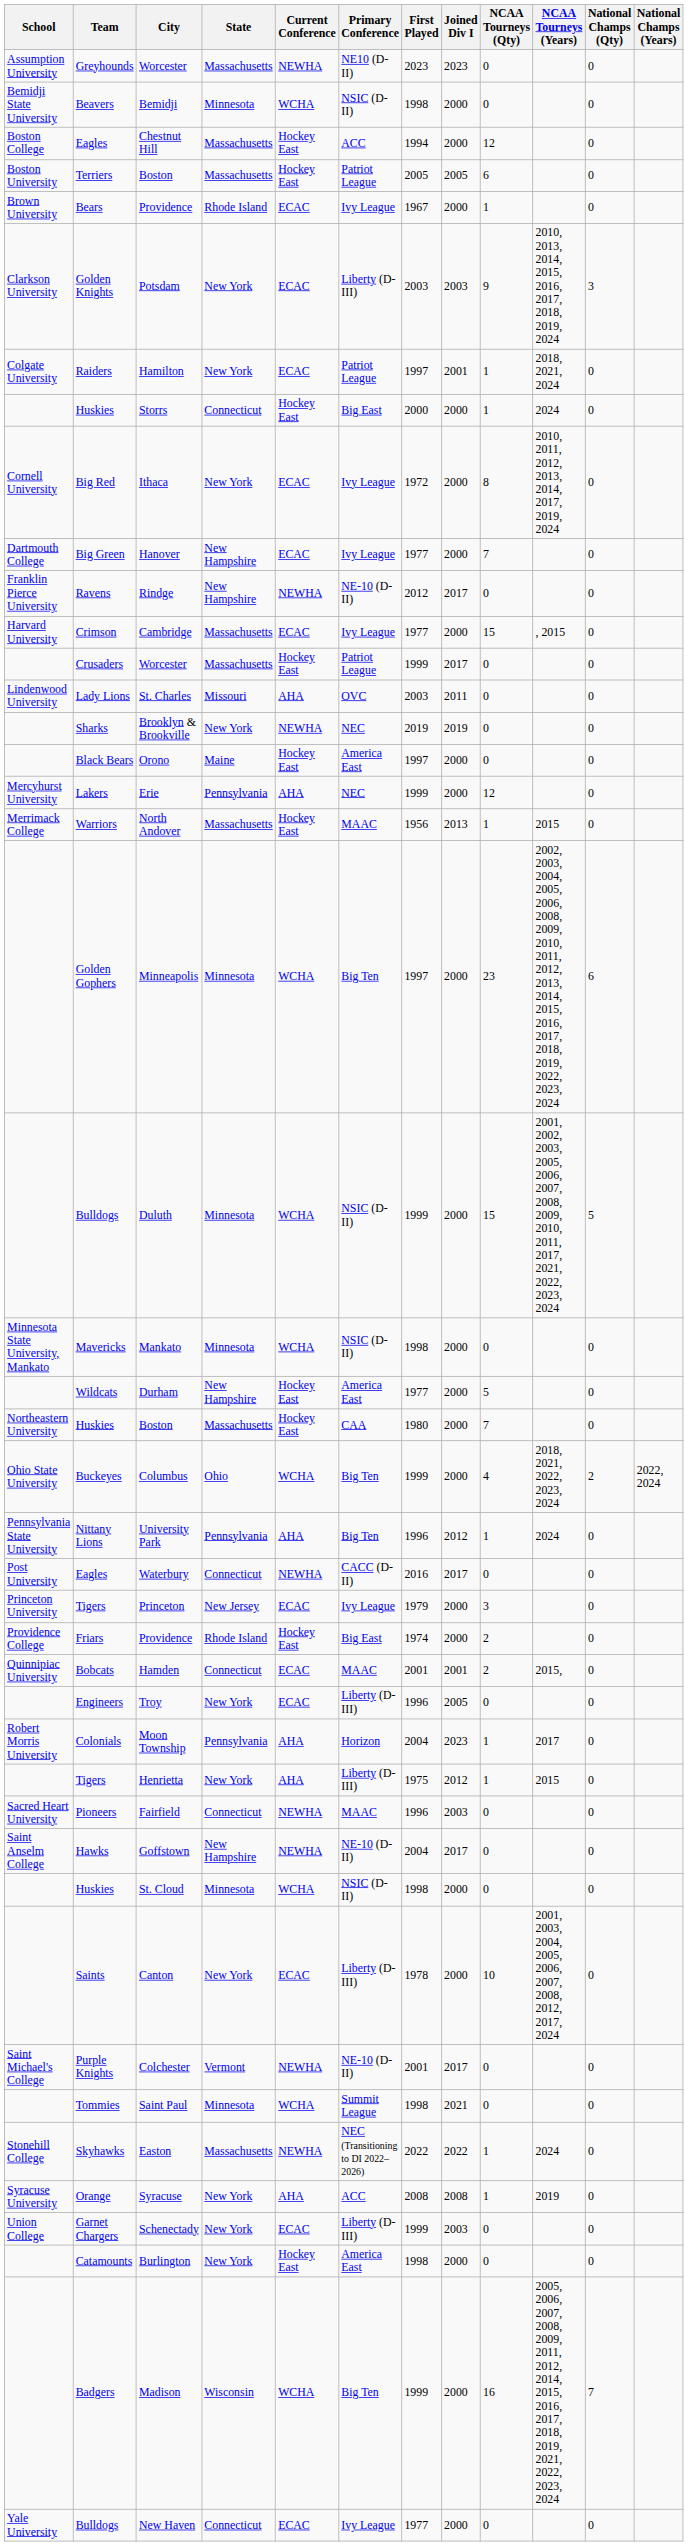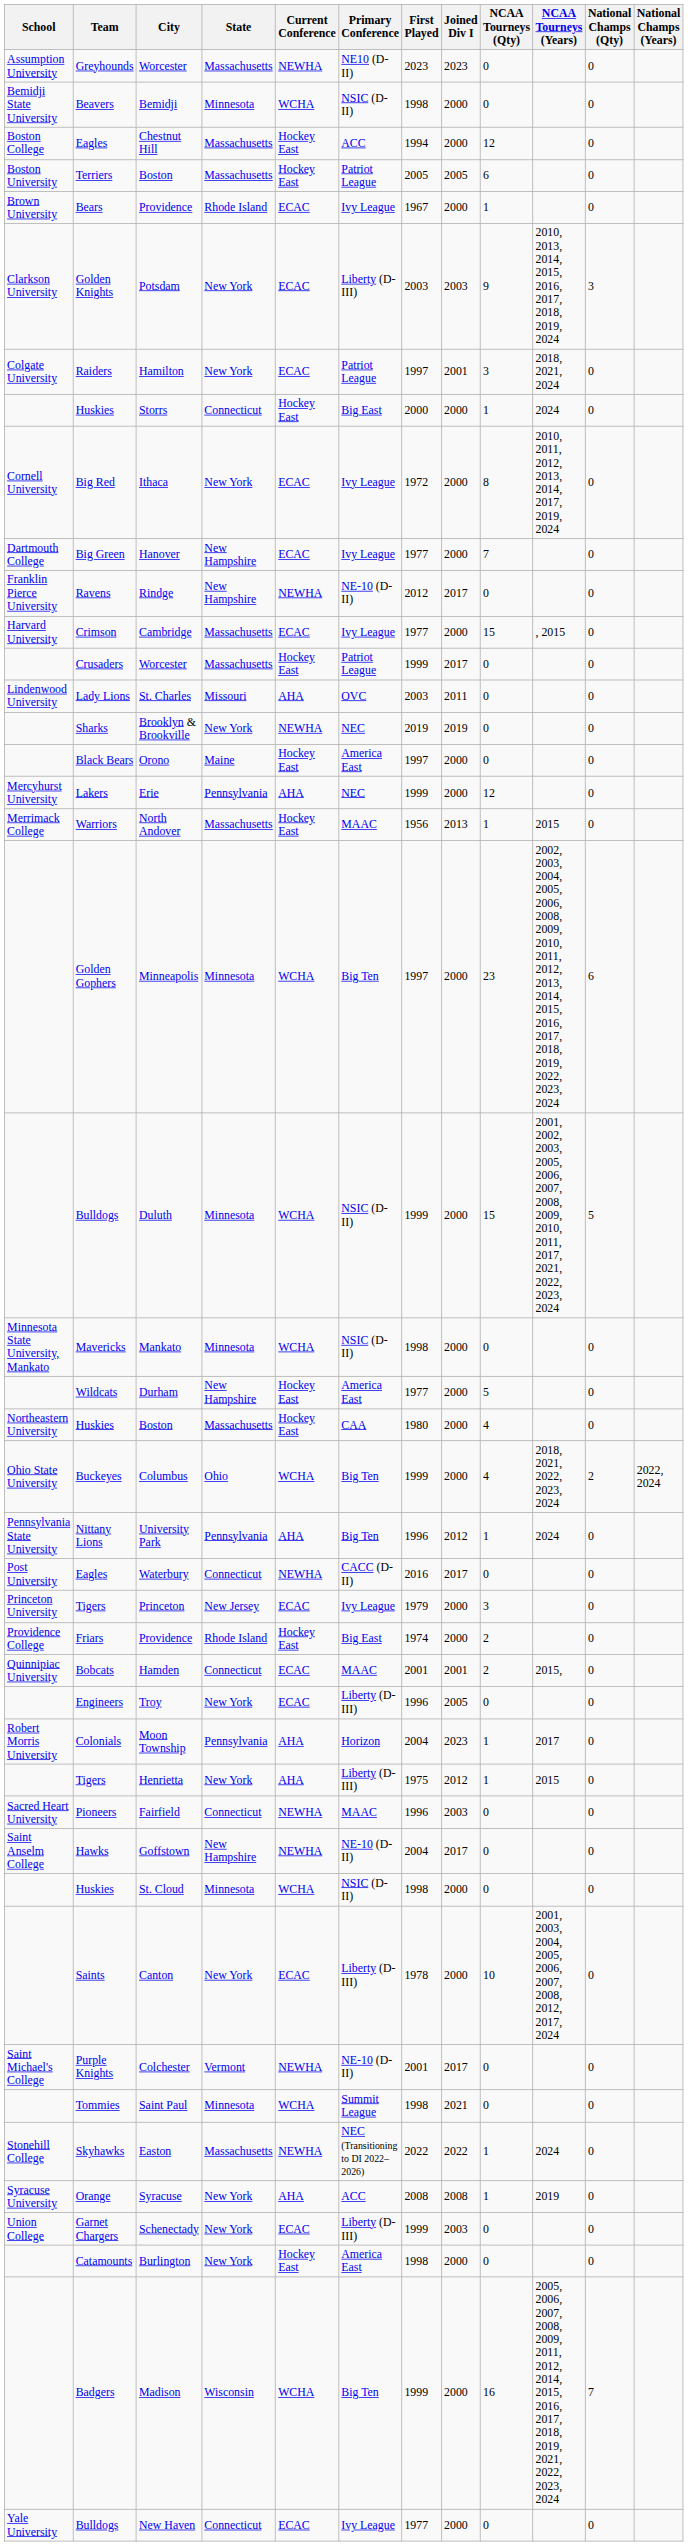 <table class="wikitable sortable" style="text-align:left;">
 <tr>
 <th>School</th>
 <th>Team</th>
 <th>City</th>
 <th>State</th>
 <th>Current<br>Conference</th>
 <th>Primary<br>Conference</th>
 <th>First<br>Played</th>
 <th>Joined<br> Div I</th>
 <th>NCAA<br>Tourneys (Qty)</th>
 <th><a href='#'>NCAA</a><br><a href='#'>Tourneys</a> (Years)</th>
 <th>National<br>Champs (Qty)</th>
 <th>National<br>Champs (Years)</th>
 </tr>
 <tr>
 <td><a href='#'>Assumption University</a></td>
 <td><a href='#'>Greyhounds</a></td>
 <td><a href='#'>Worcester</a></td>
 <td><a href='#'>Massachusetts</a></td>
 <td><a href='#'>NEWHA</a></td>
 <td><a href='#'>NE10</a> (D-II)</td>
 <td>2023</td>
 <td>2023</td>
 <td>0</td>
 <td></td>
 <td>0</td>
 <td></td>
 </tr>
 <tr>
 <td><a href='#'>Bemidji State University</a></td>
 <td><a href='#'>Beavers</a></td>
 <td><a href='#'>Bemidji</a></td>
 <td><a href='#'>Minnesota</a></td>
 <td><a href='#'>WCHA</a></td>
 <td><a href='#'>NSIC</a> (D-II)</td>
 <td>1998</td>
 <td>2000</td>
 <td>0</td>
 <td></td>
 <td>0</td>
 <td></td>
 </tr>
 <tr>
 <td><a href='#'>Boston College</a></td>
 <td><a href='#'>Eagles</a></td>
 <td><a href='#'>Chestnut Hill</a></td>
 <td><a href='#'>Massachusetts</a></td>
 <td><a href='#'>Hockey East</a></td>
 <td><a href='#'>ACC</a></td>
 <td>1994</td>
 <td>2000</td>
 <td>12</td>
 <td></td>
 <td>0</td>
 <td></td>
 </tr>
 <tr>
 <td><a href='#'>Boston University</a></td>
 <td><a href='#'>Terriers</a></td>
 <td><a href='#'>Boston</a></td>
 <td><a href='#'>Massachusetts</a></td>
 <td><a href='#'>Hockey East</a></td>
 <td><a href='#'>Patriot League</a></td>
 <td>2005</td>
 <td>2005</td>
 <td>6</td>
 <td></td>
 <td>0</td>
 <td></td>
 </tr>
 <tr>
 <td><a href='#'>Brown University</a></td>
 <td><a href='#'>Bears</a></td>
 <td><a href='#'>Providence</a></td>
 <td><a href='#'>Rhode Island</a></td>
 <td><a href='#'>ECAC</a></td>
 <td><a href='#'>Ivy League</a></td>
 <td>1967</td>
 <td>2000</td>
 <td>1</td>
 <td></td>
 <td>0</td>
 <td></td>
 </tr>
 <tr>
 <td><a href='#'>Clarkson University</a></td>
 <td><a href='#'>Golden Knights</a></td>
 <td><a href='#'>Potsdam</a></td>
 <td><a href='#'>New York</a></td>
 <td><a href='#'>ECAC</a></td>
 <td><a href='#'>Liberty</a> (D-III)</td>
 <td>2003</td>
 <td>2003</td>
 <td>9</td>
 <td>2010, 2013, 2014, 2015, 2016, 2017, 2018, 2019, 2024</td>
 <td>3</td>
 <td></td>
 </tr>
 <tr>
 <td><a href='#'>Colgate University</a></td>
 <td><a href='#'>Raiders</a></td>
 <td><a href='#'>Hamilton</a></td>
 <td><a href='#'>New York</a></td>
 <td><a href='#'>ECAC</a></td>
 <td><a href='#'>Patriot League</a></td>
 <td>1997</td>
 <td>2001</td>
-<td>1</td>
+<td>3</td>
 <td>2018, 2021, 2024</td>
 <td>0</td>
 <td></td>
 </tr>
 <tr>
 <td></td>
 <td><a href='#'>Huskies</a></td>
 <td><a href='#'>Storrs</a></td>
 <td><a href='#'>Connecticut</a></td>
 <td><a href='#'>Hockey East</a></td>
 <td><a href='#'>Big East</a></td>
 <td>2000</td>
 <td>2000</td>
 <td>1</td>
 <td>2024</td>
 <td>0</td>
 <td></td>
 </tr>
 <tr>
 <td><a href='#'>Cornell University</a></td>
 <td><a href='#'>Big Red</a></td>
 <td><a href='#'>Ithaca</a></td>
 <td><a href='#'>New York</a></td>
 <td><a href='#'>ECAC</a></td>
 <td><a href='#'>Ivy League</a></td>
 <td>1972</td>
 <td>2000</td>
 <td>8</td>
 <td>2010, 2011, 2012, 2013, 2014, 2017, 2019, 2024</td>
 <td>0</td>
 <td></td>
 </tr>
 <tr>
 <td><a href='#'>Dartmouth College</a></td>
 <td><a href='#'>Big Green</a></td>
 <td><a href='#'>Hanover</a></td>
 <td><a href='#'>New Hampshire</a></td>
 <td><a href='#'>ECAC</a></td>
 <td><a href='#'>Ivy League</a></td>
 <td>1977</td>
 <td>2000</td>
 <td>7</td>
 <td></td>
 <td>0</td>
 <td></td>
 </tr>
 <tr>
 <td><a href='#'>Franklin Pierce University</a></td>
 <td><a href='#'>Ravens</a></td>
 <td><a href='#'>Rindge</a></td>
 <td><a href='#'>New Hampshire</a></td>
 <td><a href='#'>NEWHA</a></td>
 <td><a href='#'>NE-10</a> (D-II)</td>
 <td>2012</td>
 <td>2017</td>
 <td>0</td>
 <td></td>
 <td>0</td>
 <td></td>
 </tr>
 <tr>
 <td><a href='#'>Harvard University</a></td>
 <td><a href='#'>Crimson</a></td>
 <td><a href='#'>Cambridge</a></td>
 <td><a href='#'>Massachusetts</a></td>
 <td><a href='#'>ECAC</a></td>
 <td><a href='#'>Ivy League</a></td>
 <td>1977</td>
 <td>2000</td>
 <td>15</td>
 <td>, 2015</td>
 <td>0</td>
 <td></td>
 </tr>
 <tr>
 <td></td>
 <td><a href='#'>Crusaders</a></td>
 <td><a href='#'>Worcester</a></td>
 <td><a href='#'>Massachusetts</a></td>
 <td><a href='#'>Hockey East</a></td>
 <td><a href='#'>Patriot League</a></td>
 <td>1999</td>
 <td>2017</td>
 <td>0</td>
 <td></td>
 <td>0</td>
 <td></td>
 </tr>
 <tr>
 <td><a href='#'>Lindenwood University</a></td>
 <td><a href='#'>Lady Lions</a></td>
 <td><a href='#'>St. Charles</a></td>
 <td><a href='#'>Missouri</a></td>
 <td><a href='#'>AHA</a></td>
 <td><a href='#'>OVC</a><br></td>
 <td>2003</td>
 <td>2011</td>
 <td>0</td>
 <td></td>
 <td>0</td>
 <td></td>
 </tr>
 <tr>
 <td></td>
 <td><a href='#'>Sharks</a></td>
 <td><a href='#'>Brooklyn</a> & <a href='#'>Brookville</a></td>
 <td><a href='#'>New York</a></td>
 <td><a href='#'>NEWHA</a></td>
 <td><a href='#'>NEC</a></td>
 <td>2019</td>
 <td>2019</td>
 <td>0</td>
 <td></td>
 <td>0</td>
 <td></td>
 </tr>
 <tr>
 <td></td>
 <td><a href='#'>Black Bears</a></td>
 <td><a href='#'>Orono</a></td>
 <td><a href='#'>Maine</a></td>
 <td><a href='#'>Hockey East</a></td>
 <td><a href='#'>America East</a></td>
 <td>1997</td>
 <td>2000</td>
 <td>0</td>
 <td></td>
 <td>0</td>
 <td></td>
 </tr>
 <tr>
 <td><a href='#'>Mercyhurst University</a></td>
 <td><a href='#'>Lakers</a></td>
 <td><a href='#'>Erie</a></td>
 <td><a href='#'>Pennsylvania</a></td>
 <td><a href='#'>AHA</a></td>
 <td><a href='#'>NEC</a><br></td>
 <td>1999</td>
 <td>2000</td>
 <td>12</td>
 <td></td>
 <td>0</td>
 <td></td>
 </tr>
 <tr>
 <td><a href='#'>Merrimack College</a></td>
 <td><a href='#'>Warriors</a></td>
 <td><a href='#'>North Andover</a></td>
 <td><a href='#'>Massachusetts</a></td>
 <td><a href='#'>Hockey East</a></td>
 <td><a href='#'>MAAC</a></td>
 <td>1956</td>
 <td>2013</td>
 <td>1</td>
 <td>2015</td>
 <td>0</td>
 <td></td>
 </tr>
 <tr>
 <td></td>
 <td><a href='#'>Golden Gophers</a></td>
 <td><a href='#'>Minneapolis</a></td>
 <td><a href='#'>Minnesota</a></td>
 <td><a href='#'>WCHA</a></td>
 <td><a href='#'>Big Ten</a></td>
 <td>1997</td>
 <td>2000</td>
 <td>23</td>
 <td>2002, 2003, 2004, 2005, 2006, 2008, 2009, 2010, 2011, 2012, 2013, 2014, 2015, 2016, 2017, 2018, 2019, 2022, 2023, 2024</td>
 <td>6</td>
 <td></td>
 </tr>
 <tr>
 <td></td>
 <td><a href='#'>Bulldogs</a></td>
 <td><a href='#'>Duluth</a></td>
 <td><a href='#'>Minnesota</a></td>
 <td><a href='#'>WCHA</a></td>
 <td><a href='#'>NSIC</a> (D-II)</td>
 <td>1999</td>
 <td>2000</td>
 <td>15</td>
 <td>2001, 2002, 2003, 2005, 2006, 2007, 2008, 2009, 2010, 2011, 2017, 2021, 2022, 2023, 2024</td>
 <td>5</td>
 <td></td>
 </tr>
 <tr>
 <td><a href='#'>Minnesota State University, Mankato</a></td>
 <td><a href='#'>Mavericks</a></td>
 <td><a href='#'>Mankato</a></td>
 <td><a href='#'>Minnesota</a></td>
 <td><a href='#'>WCHA</a></td>
 <td><a href='#'>NSIC</a> (D-II)</td>
 <td>1998</td>
 <td>2000</td>
 <td>0</td>
 <td></td>
 <td>0</td>
 <td></td>
 </tr>
 <tr>
 <td></td>
 <td><a href='#'>Wildcats</a></td>
 <td><a href='#'>Durham</a></td>
 <td><a href='#'>New Hampshire</a></td>
 <td><a href='#'>Hockey East</a></td>
 <td><a href='#'>America East</a></td>
 <td>1977</td>
 <td>2000</td>
 <td>5</td>
 <td></td>
 <td>0</td>
 <td></td>
 </tr>
 <tr>
 <td><a href='#'>Northeastern University</a></td>
 <td><a href='#'>Huskies</a></td>
 <td><a href='#'>Boston</a></td>
 <td><a href='#'>Massachusetts</a></td>
 <td><a href='#'>Hockey East</a></td>
 <td><a href='#'>CAA</a></td>
 <td>1980</td>
 <td>2000</td>
-<td>7</td>
+<td>4</td>
 <td></td>
 <td>0</td>
 <td></td>
 </tr>
 <tr>
 <td><a href='#'>Ohio State University</a></td>
 <td><a href='#'>Buckeyes</a></td>
 <td><a href='#'>Columbus</a></td>
 <td><a href='#'>Ohio</a></td>
 <td><a href='#'>WCHA</a></td>
 <td><a href='#'>Big Ten</a></td>
 <td>1999</td>
 <td>2000</td>
 <td>4</td>
 <td>2018, 2021, 2022, 2023, 2024</td>
 <td>2</td>
 <td>2022, 2024</td>
 </tr>
 <tr>
 <td><a href='#'>Pennsylvania State University</a></td>
 <td><a href='#'>Nittany Lions</a></td>
 <td><a href='#'>University Park</a></td>
 <td><a href='#'>Pennsylvania</a></td>
 <td><a href='#'>AHA</a></td>
 <td><a href='#'>Big Ten</a></td>
 <td>1996</td>
 <td>2012</td>
 <td>1</td>
 <td>2024</td>
 <td>0</td>
 <td></td>
 </tr>
 <tr>
 <td><a href='#'>Post University</a></td>
 <td><a href='#'>Eagles</a></td>
 <td><a href='#'>Waterbury</a></td>
 <td><a href='#'>Connecticut</a></td>
 <td><a href='#'>NEWHA</a></td>
 <td><a href='#'>CACC</a> (D-II)</td>
 <td>2016</td>
 <td>2017</td>
 <td>0</td>
 <td></td>
 <td>0</td>
 <td></td>
 </tr>
 <tr>
 <td><a href='#'>Princeton University</a></td>
 <td><a href='#'>Tigers</a></td>
 <td><a href='#'>Princeton</a></td>
 <td><a href='#'>New Jersey</a></td>
 <td><a href='#'>ECAC</a></td>
 <td><a href='#'>Ivy League</a></td>
 <td>1979</td>
 <td>2000</td>
 <td>3</td>
 <td></td>
 <td>0</td>
 <td></td>
 </tr>
 <tr>
 <td><a href='#'>Providence College</a></td>
 <td><a href='#'>Friars</a></td>
 <td><a href='#'>Providence</a></td>
 <td><a href='#'>Rhode Island</a></td>
 <td><a href='#'>Hockey East</a></td>
 <td><a href='#'>Big East</a></td>
 <td>1974</td>
 <td>2000</td>
 <td>2</td>
 <td></td>
 <td>0</td>
 <td></td>
 </tr>
 <tr>
 <td><a href='#'>Quinnipiac University</a></td>
 <td><a href='#'>Bobcats</a></td>
 <td><a href='#'>Hamden</a></td>
 <td><a href='#'>Connecticut</a></td>
 <td><a href='#'>ECAC</a></td>
 <td><a href='#'>MAAC</a></td>
 <td>2001</td>
 <td>2001</td>
 <td>2</td>
 <td>2015, </td>
 <td>0</td>
 <td></td>
 </tr>
 <tr>
 <td></td>
 <td><a href='#'>Engineers</a></td>
 <td><a href='#'>Troy</a></td>
 <td><a href='#'>New York</a></td>
 <td><a href='#'>ECAC</a></td>
 <td><a href='#'>Liberty</a> (D-III)</td>
 <td>1996</td>
 <td>2005</td>
 <td>0</td>
 <td></td>
 <td>0</td>
 <td></td>
 </tr>
 <tr>
 <td><a href='#'>Robert Morris University</a></td>
 <td><a href='#'>Colonials</a></td>
 <td><a href='#'>Moon Township</a></td>
 <td><a href='#'>Pennsylvania</a></td>
 <td><a href='#'>AHA</a></td>
 <td><a href='#'>Horizon</a></td>
 <td>2004</td>
 <td>2023</td>
 <td>1</td>
 <td>2017</td>
 <td>0</td>
 <td></td>
 </tr>
 <tr>
 <td></td>
 <td><a href='#'>Tigers</a></td>
 <td><a href='#'>Henrietta</a></td>
 <td><a href='#'>New York</a></td>
 <td><a href='#'>AHA</a></td>
 <td><a href='#'>Liberty</a> (D-III)</td>
 <td>1975</td>
 <td>2012</td>
 <td>1</td>
 <td>2015</td>
 <td>0</td>
 <td></td>
 </tr>
 <tr>
 <td><a href='#'>Sacred Heart University</a></td>
 <td><a href='#'>Pioneers</a></td>
 <td><a href='#'>Fairfield</a></td>
 <td><a href='#'>Connecticut</a></td>
 <td><a href='#'>NEWHA</a></td>
 <td><a href='#'>MAAC</a></td>
 <td>1996</td>
 <td>2003</td>
 <td>0</td>
 <td></td>
 <td>0</td>
 <td></td>
 </tr>
 <tr>
 <td><a href='#'>Saint Anselm College</a></td>
 <td><a href='#'>Hawks</a></td>
 <td><a href='#'>Goffstown</a></td>
 <td><a href='#'>New Hampshire</a></td>
 <td><a href='#'>NEWHA</a></td>
 <td><a href='#'>NE-10</a> (D-II)</td>
 <td>2004</td>
 <td>2017</td>
 <td>0</td>
 <td></td>
 <td>0</td>
 <td></td>
 </tr>
 <tr>
 <td></td>
 <td><a href='#'>Huskies</a></td>
 <td><a href='#'>St. Cloud</a></td>
 <td><a href='#'>Minnesota</a></td>
 <td><a href='#'>WCHA</a></td>
 <td><a href='#'>NSIC</a> (D-II)</td>
 <td>1998</td>
 <td>2000</td>
 <td>0</td>
 <td></td>
 <td>0</td>
 <td></td>
 </tr>
 <tr>
 <td></td>
 <td><a href='#'>Saints</a></td>
 <td><a href='#'>Canton</a></td>
 <td><a href='#'>New York</a></td>
 <td><a href='#'>ECAC</a></td>
 <td><a href='#'>Liberty</a> (D-III)</td>
 <td>1978</td>
 <td>2000</td>
 <td>10</td>
 <td>2001, 2003, 2004, 2005, 2006, 2007, 2008, 2012, 2017, 2024</td>
 <td>0</td>
 <td></td>
 </tr>
 <tr>
 <td><a href='#'>Saint Michael's College</a></td>
 <td><a href='#'>Purple Knights</a></td>
 <td><a href='#'>Colchester</a></td>
 <td><a href='#'>Vermont</a></td>
 <td><a href='#'>NEWHA</a></td>
 <td><a href='#'>NE-10</a> (D-II)</td>
 <td>2001</td>
 <td>2017</td>
 <td>0</td>
 <td></td>
 <td>0</td>
 <td></td>
 </tr>
 <tr>
 <td></td>
 <td><a href='#'>Tommies</a></td>
 <td><a href='#'>Saint Paul</a></td>
 <td><a href='#'>Minnesota</a></td>
 <td><a href='#'>WCHA</a></td>
 <td><a href='#'>Summit League</a></td>
 <td>1998</td>
 <td>2021</td>
 <td>0</td>
 <td></td>
 <td>0</td>
 <td></td>
 </tr>
 <tr>
 <td><a href='#'>Stonehill College</a></td>
 <td><a href='#'>Skyhawks</a></td>
 <td><a href='#'>Easton</a></td>
 <td><a href='#'>Massachusetts</a></td>
 <td><a href='#'>NEWHA</a></td>
 <td><a href='#'>NEC</a> <small>(Transitioning to DI 2022–2026)</small></td>
 <td>2022</td>
 <td>2022</td>
 <td>1</td>
 <td>2024</td>
 <td>0</td>
 <td></td>
 </tr>
 <tr>
 <td><a href='#'>Syracuse University</a></td>
 <td><a href='#'>Orange</a></td>
 <td><a href='#'>Syracuse</a></td>
 <td><a href='#'>New York</a></td>
 <td><a href='#'>AHA</a></td>
 <td><a href='#'>ACC</a></td>
 <td>2008</td>
 <td>2008</td>
 <td>1</td>
 <td>2019</td>
 <td>0</td>
 <td></td>
 </tr>
 <tr>
 <td><a href='#'>Union College</a></td>
 <td><a href='#'>Garnet Chargers</a></td>
 <td><a href='#'>Schenectady</a></td>
 <td><a href='#'>New York</a></td>
 <td><a href='#'>ECAC</a></td>
 <td><a href='#'>Liberty</a> (D-III)</td>
 <td>1999</td>
 <td>2003</td>
 <td>0</td>
 <td></td>
 <td>0</td>
 <td></td>
 </tr>
 <tr>
 <td></td>
 <td><a href='#'>Catamounts</a></td>
 <td><a href='#'>Burlington</a></td>
 <td><a href='#'>New York</a></td>
 <td><a href='#'>Hockey East</a></td>
 <td><a href='#'>America East</a></td>
 <td>1998</td>
 <td>2000</td>
 <td>0</td>
 <td></td>
 <td>0</td>
 <td></td>
 </tr>
 <tr>
 <td></td>
 <td><a href='#'>Badgers</a></td>
 <td><a href='#'>Madison</a></td>
 <td><a href='#'>Wisconsin</a></td>
 <td><a href='#'>WCHA</a></td>
 <td><a href='#'>Big Ten</a></td>
 <td>1999</td>
 <td>2000</td>
 <td>16</td>
 <td>2005, 2006, 2007, 2008, 2009, 2011, 2012, 2014, 2015, 2016, 2017, 2018, 2019, 2021, 2022, 2023, 2024</td>
 <td>7</td>
 <td></td>
 </tr>
 <tr>
 <td><a href='#'>Yale University</a></td>
 <td><a href='#'>Bulldogs</a></td>
 <td><a href='#'>New Haven</a></td>
 <td><a href='#'>Connecticut</a></td>
 <td><a href='#'>ECAC</a></td>
 <td><a href='#'>Ivy League</a></td>
 <td>1977</td>
 <td>2000</td>
 <td>0</td>
 <td></td>
 <td>0</td>
 <td></td>
 </tr>
 </table>
